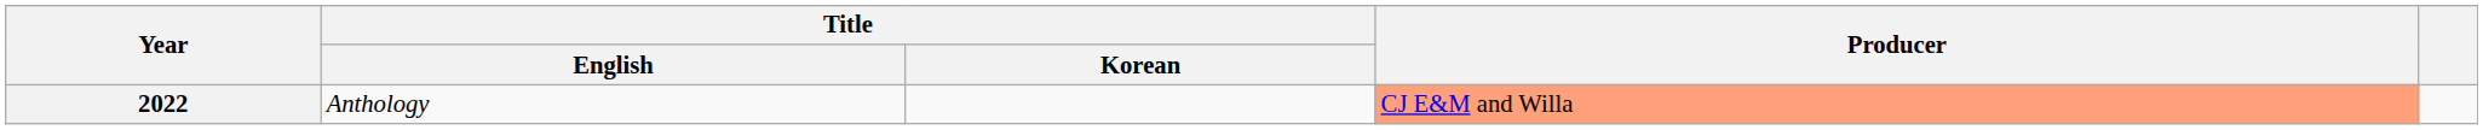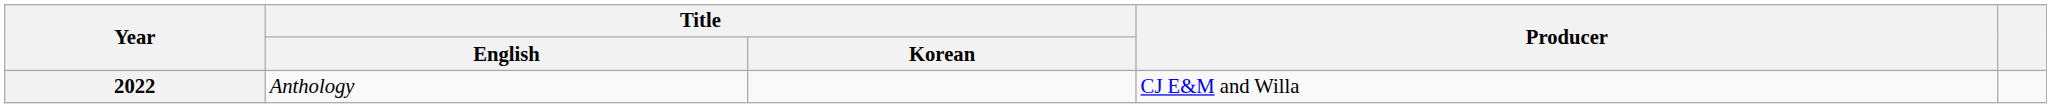 <table class="wikitable plainrowheaders" style="text-align:left; font-size:100%; padding:0 auto; width:100%; margin:auto">
 <tr>
 <th scope="col" rowspan="2">Year</th>
 <th scope="col" colspan="2">Title</th>
 <th scope="col" rowspan="2">Producer</th>
 <th scope="col" rowspan="2" class="unsortable"></th>
 </tr>
 <tr>
 <th>English</th>
 <th>Korean</th>
 </tr>
 <tr>
 <th scope="row">2022</th>
 <td><em>Anthology</em></td>
 <td></td>
-<td style="background: lightsalmon;"><a href='#'>CJ E&M</a> and Willa</td>
+<td><a href='#'>CJ E&M</a> and Willa</td>
 <td></td>
 </tr>
 </table>
